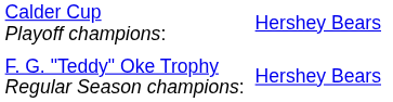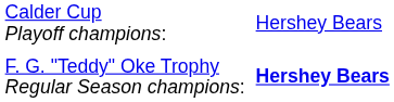 <table cellpadding="3" cellspacing="3">
 <tr>
 <td><a href='#'>Calder Cup</a><br><em>Playoff champions</em>:</td>
 <td><a href='#'>Hershey Bears</a></td>
 </tr>
 <tr>
 <td><a href='#'>F. G. "Teddy" Oke Trophy</a><br><em>Regular Season champions</em>:</td>
-<td><a href='#'>Hershey Bears</a></td>
+<td><strong><a href='#'>Hershey Bears</a></strong></td>
 </tr>
 </table>
